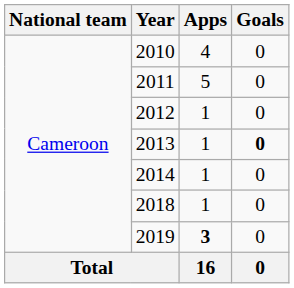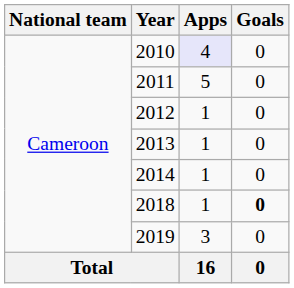 <table class=wikitable style="text-align:center">
 <tr>
 <th>National team</th>
 <th>Year</th>
 <th>Apps</th>
 <th>Goals</th>
 </tr>
 <tr>
 <td rowspan="7"><a href='#'>Cameroon</a></td>
 <td>2010</td>
-<td>4</td>
+<td style="background: lavender;">4</td>
 <td>0</td>
 </tr>
 <tr>
 <td>2011</td>
 <td>5</td>
 <td>0</td>
 </tr>
 <tr>
 <td>2012</td>
 <td>1</td>
 <td>0</td>
 </tr>
 <tr>
 <td>2013</td>
 <td>1</td>
-<td><strong>0</strong></td>
+<td>0</td>
 </tr>
 <tr>
 <td>2014</td>
 <td>1</td>
 <td>0</td>
 </tr>
 <tr>
 <td>2018</td>
 <td>1</td>
-<td>0</td>
+<td><strong>0</strong></td>
 </tr>
 <tr>
 <td>2019</td>
-<td><strong>3</strong></td>
+<td>3</td>
 <td>0</td>
 </tr>
 <tr>
 <th colspan="2">Total</th>
 <th>16</th>
 <th>0</th>
 </tr>
 </table>
